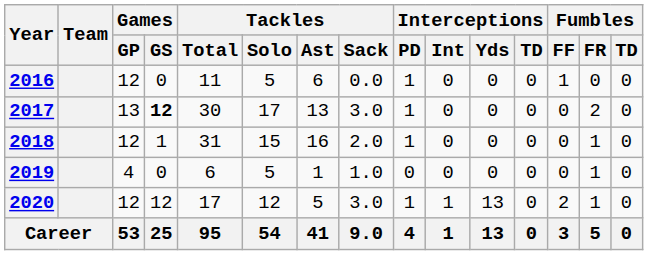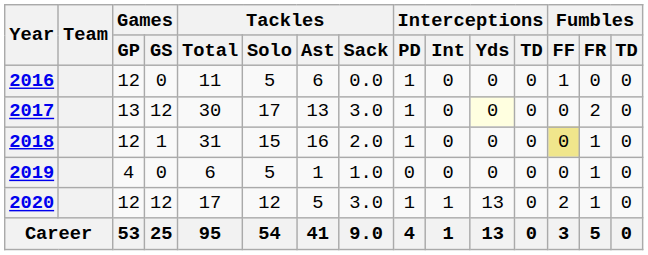 <table class="wikitable" style="text-align:center;">
 <tr>
 <th rowspan="2">Year</th>
 <th rowspan="2">Team</th>
 <th colspan="2">Games</th>
 <th colspan="4">Tackles</th>
 <th colspan="4">Interceptions</th>
 <th colspan="3">Fumbles</th>
 </tr>
 <tr>
 <th>GP</th>
 <th>GS</th>
 <th>Total</th>
 <th>Solo</th>
 <th>Ast</th>
 <th>Sack</th>
 <th>PD</th>
 <th>Int</th>
 <th>Yds</th>
 <th>TD</th>
 <th>FF</th>
 <th>FR</th>
 <th>TD</th>
 </tr>
 <tr>
 <th><a href='#'>2016</a></th>
 <th><a href='#'></a></th>
 <td>12</td>
 <td>0</td>
 <td>11</td>
 <td>5</td>
 <td>6</td>
 <td>0.0</td>
 <td>1</td>
 <td>0</td>
 <td>0</td>
 <td>0</td>
 <td>1</td>
 <td>0</td>
 <td>0</td>
 </tr>
 <tr>
 <th><a href='#'>2017</a></th>
 <th><a href='#'></a></th>
 <td>13</td>
-<td><strong>12</strong></td>
+<td>12</td>
 <td>30</td>
 <td>17</td>
 <td>13</td>
 <td>3.0</td>
 <td>1</td>
 <td>0</td>
-<td>0</td>
+<td style="background: lightyellow;">0</td>
 <td>0</td>
 <td>0</td>
 <td>2</td>
 <td>0</td>
 </tr>
 <tr>
 <th><a href='#'>2018</a></th>
 <th><a href='#'></a></th>
 <td>12</td>
 <td>1</td>
 <td>31</td>
 <td>15</td>
 <td>16</td>
 <td>2.0</td>
 <td>1</td>
 <td>0</td>
 <td>0</td>
 <td>0</td>
-<td>0</td>
+<td style="background: khaki;">0</td>
 <td>1</td>
 <td>0</td>
 </tr>
 <tr>
 <th><a href='#'>2019</a></th>
 <th><a href='#'></a></th>
 <td>4</td>
 <td>0</td>
 <td>6</td>
 <td>5</td>
 <td>1</td>
 <td>1.0</td>
 <td>0</td>
 <td>0</td>
 <td>0</td>
 <td>0</td>
 <td>0</td>
 <td>1</td>
 <td>0</td>
 </tr>
 <tr>
 <th><a href='#'>2020</a></th>
 <th><a href='#'></a></th>
 <td>12</td>
 <td>12</td>
 <td>17</td>
 <td>12</td>
 <td>5</td>
 <td>3.0</td>
 <td>1</td>
 <td>1</td>
 <td>13</td>
 <td>0</td>
 <td>2</td>
 <td>1</td>
 <td>0</td>
 </tr>
 <tr>
 <th align=center colspan="2">Career</th>
 <th>53</th>
 <th>25</th>
 <th>95</th>
 <th>54</th>
 <th>41</th>
 <th>9.0</th>
 <th>4</th>
 <th>1</th>
 <th>13</th>
 <th>0</th>
 <th>3</th>
 <th>5</th>
 <th>0</th>
 </tr>
 </table>
